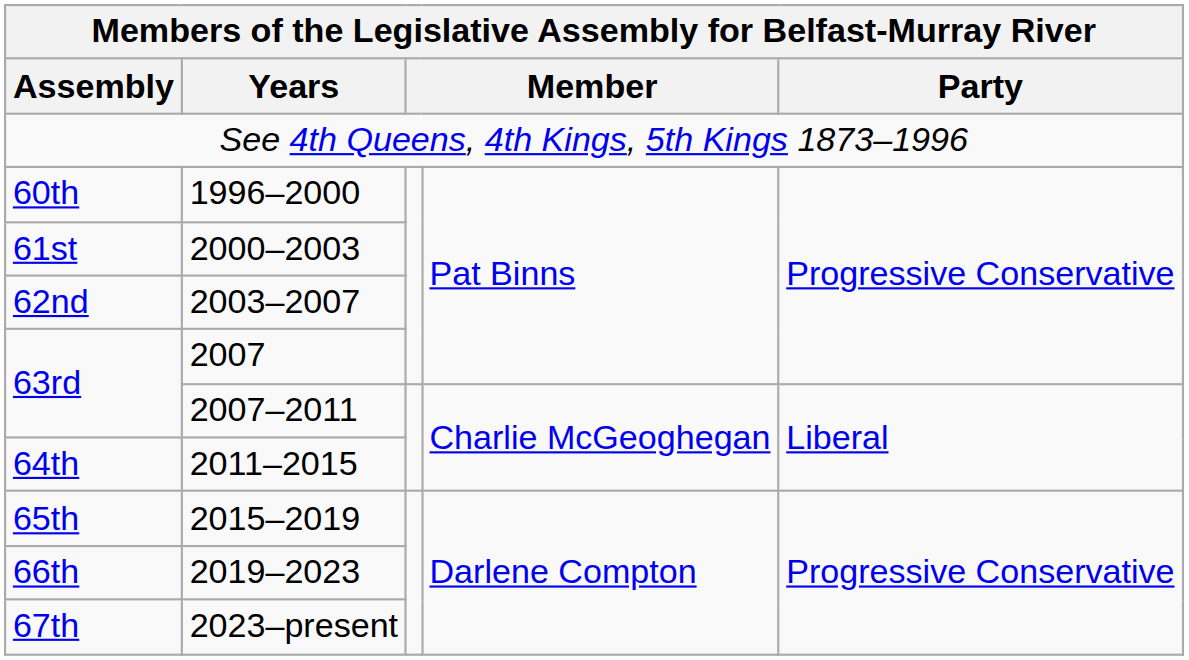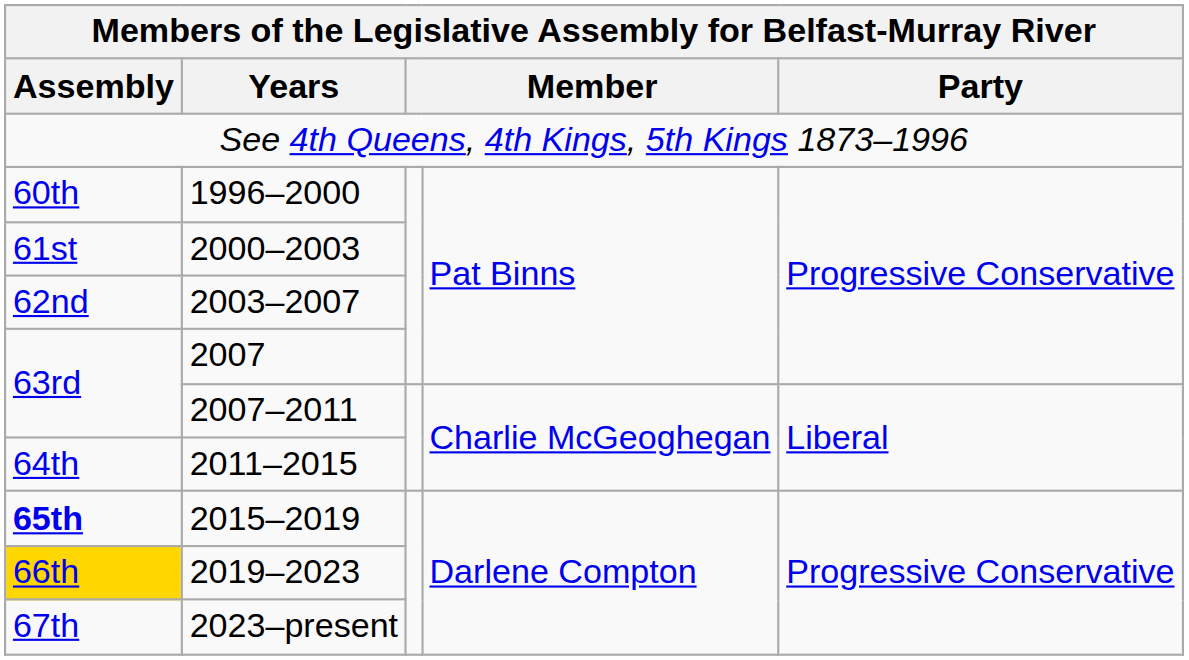 <table class="wikitable" align=centre>
 <tr>
 <th colspan=5>Members of the Legislative Assembly for Belfast-Murray River</th>
 </tr>
 <tr>
 <th>Assembly</th>
 <th>Years</th>
 <th colspan="2">Member</th>
 <th>Party</th>
 </tr>
 <tr>
 <td align="center" colspan=5><em>See <a href='#'>4th Queens</a>, <a href='#'>4th Kings</a>, <a href='#'>5th Kings</a> 1873–1996</em></td>
 </tr>
 <tr>
 <td><a href='#'>60th</a></td>
 <td>1996–2000</td>
 <td rowspan=4 ></td>
 <td rowspan=4><a href='#'>Pat Binns</a></td>
 <td rowspan=4><a href='#'>Progressive Conservative</a></td>
 </tr>
 <tr>
 <td><a href='#'>61st</a></td>
 <td>2000–2003</td>
 </tr>
 <tr>
 <td><a href='#'>62nd</a></td>
 <td>2003–2007</td>
 </tr>
 <tr>
 <td rowspan=2><a href='#'>63rd</a></td>
 <td>2007</td>
 </tr>
 <tr>
 <td>2007–2011</td>
 <td rowspan=2 ></td>
 <td rowspan=2><a href='#'>Charlie McGeoghegan</a></td>
 <td rowspan=2><a href='#'>Liberal</a></td>
 </tr>
 <tr>
 <td><a href='#'>64th</a></td>
 <td>2011–2015</td>
 </tr>
 <tr>
-<td><a href='#'>65th</a></td>
+<td><strong><a href='#'>65th</a></strong></td>
 <td>2015–2019</td>
 <td rowspan=3 ></td>
 <td rowspan=3><a href='#'>Darlene Compton</a></td>
 <td rowspan=3><a href='#'>Progressive Conservative</a></td>
 </tr>
 <tr>
-<td><a href='#'>66th</a></td>
+<td style="background: gold;"><a href='#'>66th</a></td>
 <td>2019–2023</td>
 </tr>
 <tr>
 <td><a href='#'>67th</a></td>
 <td>2023–present</td>
 </tr>
 </table>
